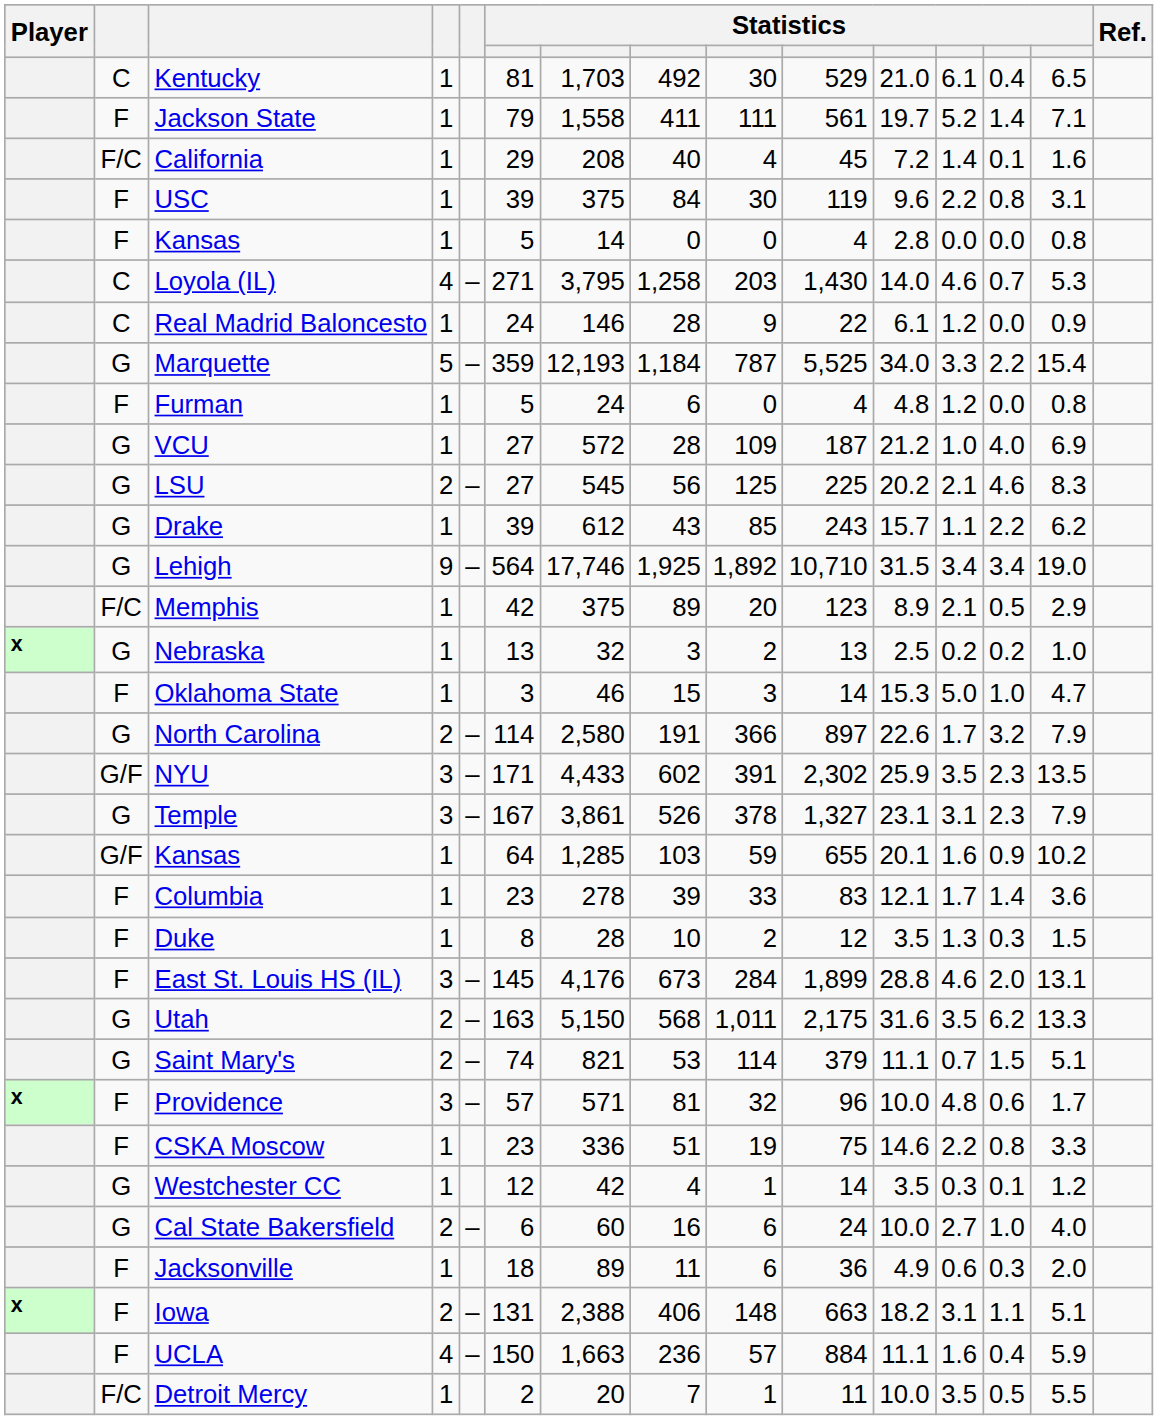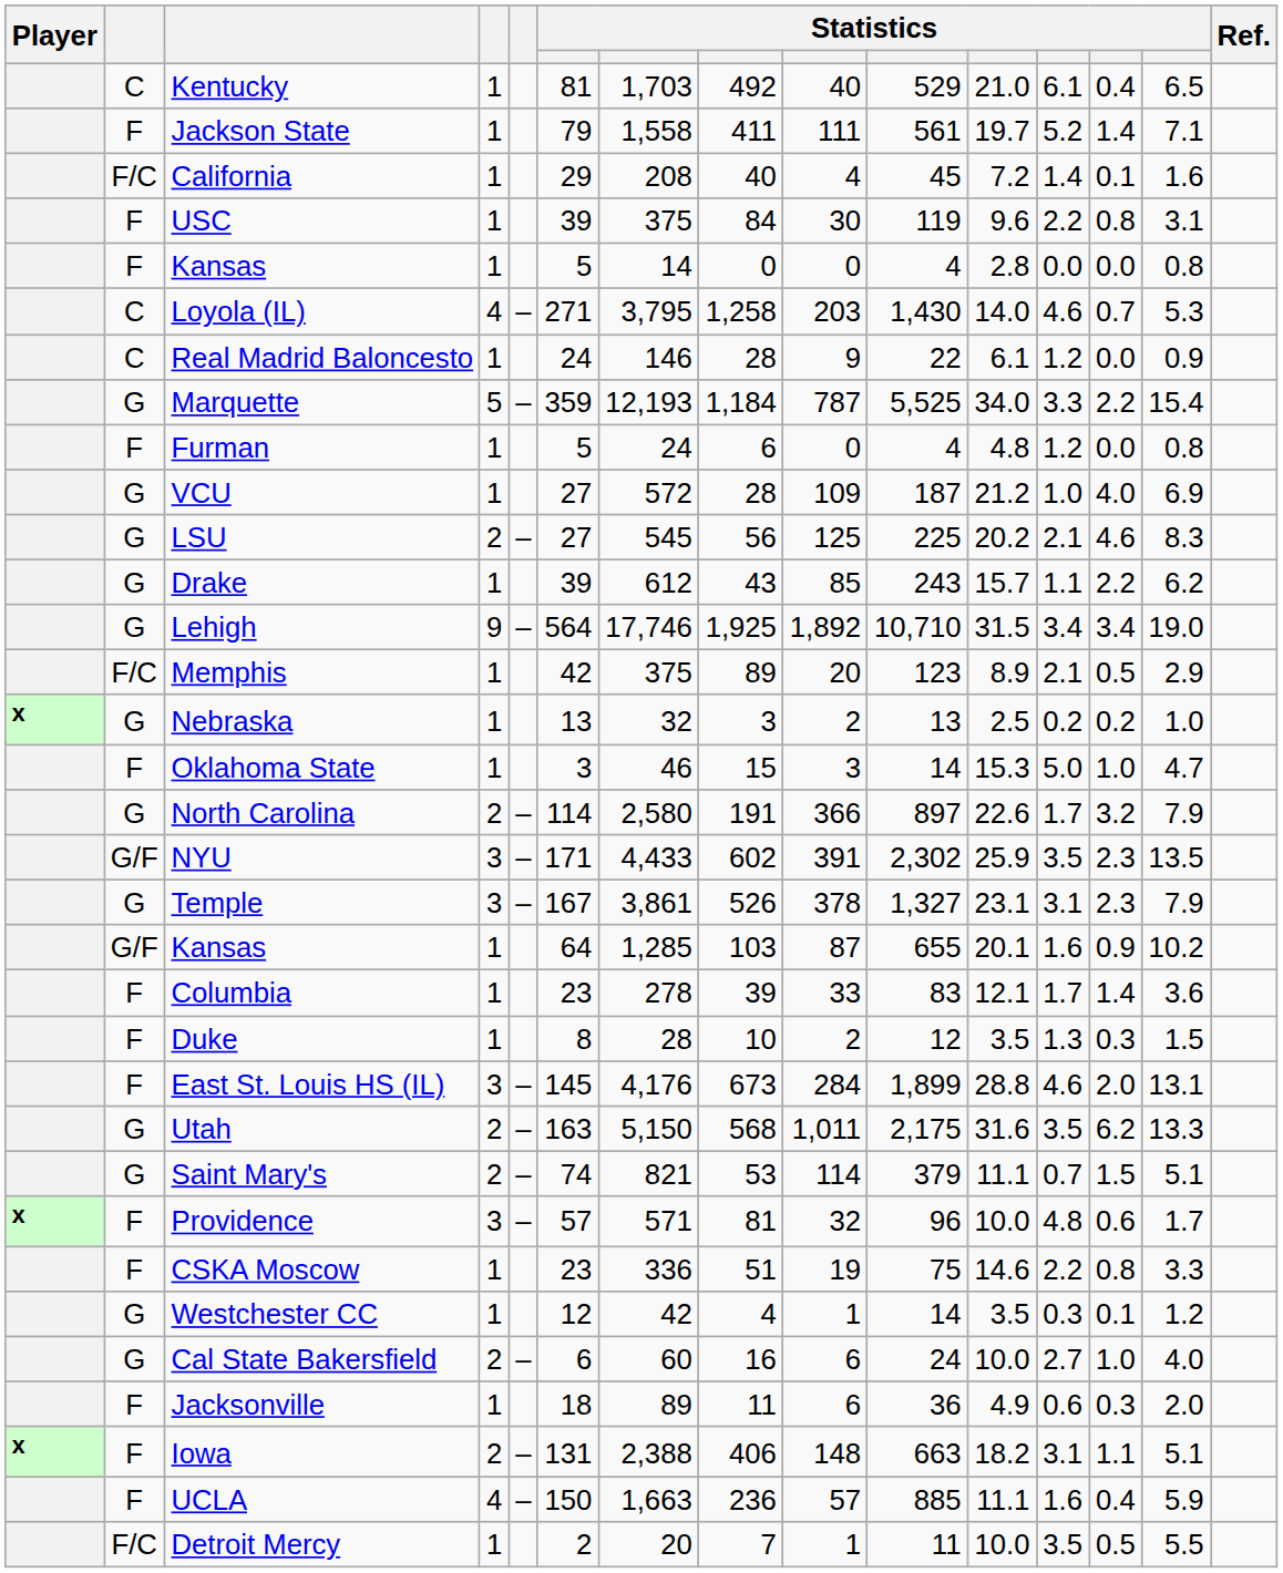 <table class="wikitable sortable" style="font-size:95%; text-align:right;">
 <tr>
 <th scope=col rowspan="2">Player</th>
 <th scope=col rowspan="2"></th>
 <th scope=col rowspan="2"></th>
 <th scope=col rowspan="2"></th>
 <th scope=col rowspan="2"></th>
 <th scope=colgroup colspan="9">Statistics</th>
 <th scope=col rowspan="2">Ref.</th>
 </tr>
 <tr>
 <th scope=col></th>
 <th scope=col></th>
 <th scope=col></th>
 <th scope=col></th>
 <th scope=col></th>
 <th scope=col></th>
 <th scope=col></th>
 <th scope=col></th>
 <th scope=col></th>
 </tr>
 <tr>
 <th scope=row style="text-align:left;"></th>
 <td align="center">C</td>
 <td align="left"><a href='#'>Kentucky</a></td>
 <td align="center">1</td>
 <td align="center"></td>
 <td>81</td>
 <td>1,703</td>
 <td>492</td>
-<td>30</td>
+<td>40</td>
 <td>529</td>
 <td>21.0</td>
 <td>6.1</td>
 <td>0.4</td>
 <td>6.5</td>
 <td align=center></td>
 </tr>
 <tr>
 <th scope=row style="text-align:left;"></th>
 <td align="center">F</td>
 <td align="left"><a href='#'>Jackson State</a></td>
 <td align="center">1</td>
 <td align="center"></td>
 <td>79</td>
 <td>1,558</td>
 <td>411</td>
 <td>111</td>
 <td>561</td>
 <td>19.7</td>
 <td>5.2</td>
 <td>1.4</td>
 <td>7.1</td>
 <td align=center></td>
 </tr>
 <tr>
 <th scope=row style="text-align:left;"></th>
 <td align="center">F/C</td>
 <td align="left"><a href='#'>California</a></td>
 <td align="center">1</td>
 <td align="center"></td>
 <td>29</td>
 <td>208</td>
 <td>40</td>
 <td>4</td>
 <td>45</td>
 <td>7.2</td>
 <td>1.4</td>
 <td>0.1</td>
 <td>1.6</td>
 <td align=center></td>
 </tr>
 <tr>
 <th scope=row style="text-align:left;"></th>
 <td align="center">F</td>
 <td align="left"><a href='#'>USC</a></td>
 <td align="center">1</td>
 <td align="center"></td>
 <td>39</td>
 <td>375</td>
 <td>84</td>
 <td>30</td>
 <td>119</td>
 <td>9.6</td>
 <td>2.2</td>
 <td>0.8</td>
 <td>3.1</td>
 <td align=center></td>
 </tr>
 <tr>
 <th scope=row style="text-align:left;"></th>
 <td align="center">F</td>
 <td align="left"><a href='#'>Kansas</a></td>
 <td align="center">1</td>
 <td align="center"></td>
 <td>5</td>
 <td>14</td>
 <td>0</td>
 <td>0</td>
 <td>4</td>
 <td>2.8</td>
 <td>0.0</td>
 <td>0.0</td>
 <td>0.8</td>
 <td align=center></td>
 </tr>
 <tr>
 <th scope=row style="text-align:left;"></th>
 <td align="center">C</td>
 <td align="left"><a href='#'>Loyola (IL)</a></td>
 <td align="center">4</td>
 <td align="center">–</td>
 <td>271</td>
 <td>3,795</td>
 <td>1,258</td>
 <td>203</td>
 <td>1,430</td>
 <td>14.0</td>
 <td>4.6</td>
 <td>0.7</td>
 <td>5.3</td>
 <td align=center></td>
 </tr>
 <tr>
 <th scope=row style="text-align:left;"></th>
 <td align="center">C</td>
 <td align="left"> <a href='#'>Real Madrid Baloncesto</a></td>
 <td align="center">1</td>
 <td align="center"></td>
 <td>24</td>
 <td>146</td>
 <td>28</td>
 <td>9</td>
 <td>22</td>
 <td>6.1</td>
 <td>1.2</td>
 <td>0.0</td>
 <td>0.9</td>
 <td align=center></td>
 </tr>
 <tr>
 <th scope=row style="text-align:left;"></th>
 <td align="center">G</td>
 <td align="left"><a href='#'>Marquette</a></td>
 <td align="center">5</td>
 <td align="center">–</td>
 <td>359</td>
 <td>12,193</td>
 <td>1,184</td>
 <td>787</td>
 <td>5,525</td>
 <td>34.0</td>
 <td>3.3</td>
 <td>2.2</td>
 <td>15.4</td>
 <td align=center></td>
 </tr>
 <tr>
 <th scope=row style="text-align:left;"></th>
 <td align="center">F</td>
 <td align="left"><a href='#'>Furman</a></td>
 <td align="center">1</td>
 <td align="center"></td>
 <td>5</td>
 <td>24</td>
 <td>6</td>
 <td>0</td>
 <td>4</td>
 <td>4.8</td>
 <td>1.2</td>
 <td>0.0</td>
 <td>0.8</td>
 <td align=center></td>
 </tr>
 <tr>
 <th scope=row style="text-align:left;"></th>
 <td align="center">G</td>
 <td align="left"><a href='#'>VCU</a></td>
 <td align="center">1</td>
 <td align="center"></td>
 <td>27</td>
 <td>572</td>
 <td>28</td>
 <td>109</td>
 <td>187</td>
 <td>21.2</td>
 <td>1.0</td>
 <td>4.0</td>
 <td>6.9</td>
 <td align=center></td>
 </tr>
 <tr>
 <th scope=row style="text-align:left;"></th>
 <td align="center">G</td>
 <td align="left"><a href='#'>LSU</a></td>
 <td align="center">2</td>
 <td align="center">–</td>
 <td>27</td>
 <td>545</td>
 <td>56</td>
 <td>125</td>
 <td>225</td>
 <td>20.2</td>
 <td>2.1</td>
 <td>4.6</td>
 <td>8.3</td>
 <td align=center></td>
 </tr>
 <tr>
 <th scope=row style="text-align:left;"></th>
 <td align="center">G</td>
 <td align="left"><a href='#'>Drake</a></td>
 <td align="center">1</td>
 <td align="center"></td>
 <td>39</td>
 <td>612</td>
 <td>43</td>
 <td>85</td>
 <td>243</td>
 <td>15.7</td>
 <td>1.1</td>
 <td>2.2</td>
 <td>6.2</td>
 <td align=center></td>
 </tr>
 <tr>
 <th scope=row style="text-align:left;"></th>
 <td align="center">G</td>
 <td align="left"><a href='#'>Lehigh</a></td>
 <td align="center">9</td>
 <td align="center">–</td>
 <td>564</td>
 <td>17,746</td>
 <td>1,925</td>
 <td>1,892</td>
 <td>10,710</td>
 <td>31.5</td>
 <td>3.4</td>
 <td>3.4</td>
 <td>19.0</td>
 <td align=center></td>
 </tr>
 <tr>
 <th scope=row style="text-align:left;"></th>
 <td align="center">F/C</td>
 <td align="left"><a href='#'>Memphis</a></td>
 <td align="center">1</td>
 <td align="center"></td>
 <td>42</td>
 <td>375</td>
 <td>89</td>
 <td>20</td>
 <td>123</td>
 <td>8.9</td>
 <td>2.1</td>
 <td>0.5</td>
 <td>2.9</td>
 <td align=center></td>
 </tr>
 <tr>
 <th scope=row style="text-align:left; background-color:#CCFFCC;"><sup>x</sup></th>
 <td align="center">G</td>
 <td align="left"><a href='#'>Nebraska</a></td>
 <td align="center">1</td>
 <td align="center"></td>
 <td>13</td>
 <td>32</td>
 <td>3</td>
 <td>2</td>
 <td>13</td>
 <td>2.5</td>
 <td>0.2</td>
 <td>0.2</td>
 <td>1.0</td>
 <td align=center></td>
 </tr>
 <tr>
 <th scope=row style="text-align:left;"></th>
 <td align="center">F</td>
 <td align="left"><a href='#'>Oklahoma State</a></td>
 <td align="center">1</td>
 <td align="center"></td>
 <td>3</td>
 <td>46</td>
 <td>15</td>
 <td>3</td>
 <td>14</td>
 <td>15.3</td>
 <td>5.0</td>
 <td>1.0</td>
 <td>4.7</td>
 <td align=center></td>
 </tr>
 <tr>
 <th scope=row style="text-align:left;"></th>
 <td align="center">G</td>
 <td align="left"><a href='#'>North Carolina</a></td>
 <td align="center">2</td>
 <td align="center">–</td>
 <td>114</td>
 <td>2,580</td>
 <td>191</td>
 <td>366</td>
 <td>897</td>
 <td>22.6</td>
 <td>1.7</td>
 <td>3.2</td>
 <td>7.9</td>
 <td align=center></td>
 </tr>
 <tr>
 <th scope=row style="text-align:left;"></th>
 <td align="center">G/F</td>
 <td align="left"><a href='#'>NYU</a></td>
 <td align="center">3</td>
 <td align="center">–</td>
 <td>171</td>
 <td>4,433</td>
 <td>602</td>
 <td>391</td>
 <td>2,302</td>
 <td>25.9</td>
 <td>3.5</td>
 <td>2.3</td>
 <td>13.5</td>
 <td align=center></td>
 </tr>
 <tr>
 <th scope=row style="text-align:left;"></th>
 <td align="center">G</td>
 <td align="left"><a href='#'>Temple</a></td>
 <td align="center">3</td>
 <td align="center">–</td>
 <td>167</td>
 <td>3,861</td>
 <td>526</td>
 <td>378</td>
 <td>1,327</td>
 <td>23.1</td>
 <td>3.1</td>
 <td>2.3</td>
 <td>7.9</td>
 <td align=center></td>
 </tr>
 <tr>
 <th scope=row style="text-align:left;"></th>
 <td align="center">G/F</td>
 <td align="left"><a href='#'>Kansas</a></td>
 <td align="center">1</td>
 <td align="center"></td>
 <td>64</td>
 <td>1,285</td>
 <td>103</td>
-<td>59</td>
+<td>87</td>
 <td>655</td>
 <td>20.1</td>
 <td>1.6</td>
 <td>0.9</td>
 <td>10.2</td>
 <td align=center></td>
 </tr>
 <tr>
 <th scope=row style="text-align:left;"></th>
 <td align="center">F</td>
 <td align="left"><a href='#'>Columbia</a></td>
 <td align="center">1</td>
 <td align="center"></td>
 <td>23</td>
 <td>278</td>
 <td>39</td>
 <td>33</td>
 <td>83</td>
 <td>12.1</td>
 <td>1.7</td>
 <td>1.4</td>
 <td>3.6</td>
 <td align=center></td>
 </tr>
 <tr>
 <th scope=row style="text-align:left;"></th>
 <td align="center">F</td>
 <td align="left"><a href='#'>Duke</a></td>
 <td align="center">1</td>
 <td align="center"></td>
 <td>8</td>
 <td>28</td>
 <td>10</td>
 <td>2</td>
 <td>12</td>
 <td>3.5</td>
 <td>1.3</td>
 <td>0.3</td>
 <td>1.5</td>
 <td align=center></td>
 </tr>
 <tr>
 <th scope=row style="text-align:left;"></th>
 <td align="center">F</td>
 <td align="left"><a href='#'>East St. Louis HS (IL)</a></td>
 <td align="center">3</td>
 <td align="center">–</td>
 <td>145</td>
 <td>4,176</td>
 <td>673</td>
 <td>284</td>
 <td>1,899</td>
 <td>28.8</td>
 <td>4.6</td>
 <td>2.0</td>
 <td>13.1</td>
 <td align=center></td>
 </tr>
 <tr>
 <th scope=row style="text-align:left;"></th>
 <td align="center">G</td>
 <td align="left"><a href='#'>Utah</a></td>
 <td align="center">2</td>
 <td align="center">–</td>
 <td>163</td>
 <td>5,150</td>
 <td>568</td>
 <td>1,011</td>
 <td>2,175</td>
 <td>31.6</td>
 <td>3.5</td>
 <td>6.2</td>
 <td>13.3</td>
 <td align=center></td>
 </tr>
 <tr>
 <th scope=row style="text-align:left;"></th>
 <td align="center">G</td>
 <td align="left"><a href='#'>Saint Mary's</a></td>
 <td align="center">2</td>
 <td align="center">–</td>
 <td>74</td>
 <td>821</td>
 <td>53</td>
 <td>114</td>
 <td>379</td>
 <td>11.1</td>
 <td>0.7</td>
 <td>1.5</td>
 <td>5.1</td>
 <td align=center></td>
 </tr>
 <tr>
 <th scope=row style="text-align:left; background-color:#CCFFCC;"><sup>x</sup></th>
 <td align="center">F</td>
 <td align="left"><a href='#'>Providence</a></td>
 <td align="center">3</td>
 <td align="center">–</td>
 <td>57</td>
 <td>571</td>
 <td>81</td>
 <td>32</td>
 <td>96</td>
 <td>10.0</td>
 <td>4.8</td>
 <td>0.6</td>
 <td>1.7</td>
 <td align=center></td>
 </tr>
 <tr>
 <th scope=row style="text-align:left;"></th>
 <td align="center">F</td>
 <td align="left"> <a href='#'>CSKA Moscow</a></td>
 <td align="center">1</td>
 <td align="center"></td>
 <td>23</td>
 <td>336</td>
 <td>51</td>
 <td>19</td>
 <td>75</td>
 <td>14.6</td>
 <td>2.2</td>
 <td>0.8</td>
 <td>3.3</td>
 <td align=center></td>
 </tr>
 <tr>
 <th scope=row style="text-align:left;"></th>
 <td align="center">G</td>
 <td align="left"><a href='#'>Westchester CC</a></td>
 <td align="center">1</td>
 <td align="center"></td>
 <td>12</td>
 <td>42</td>
 <td>4</td>
 <td>1</td>
 <td>14</td>
 <td>3.5</td>
 <td>0.3</td>
 <td>0.1</td>
 <td>1.2</td>
 <td align=center></td>
 </tr>
 <tr>
 <th scope=row style="text-align:left;"></th>
 <td align="center">G</td>
 <td align="left"><a href='#'>Cal State Bakersfield</a></td>
 <td align="center">2</td>
 <td align="center">–</td>
 <td>6</td>
 <td>60</td>
 <td>16</td>
 <td>6</td>
 <td>24</td>
 <td>10.0</td>
 <td>2.7</td>
 <td>1.0</td>
 <td>4.0</td>
 <td align=center></td>
 </tr>
 <tr>
 <th scope=row style="text-align:left;"></th>
 <td align="center">F</td>
 <td align="left"><a href='#'>Jacksonville</a></td>
 <td align="center">1</td>
 <td align="center"></td>
 <td>18</td>
 <td>89</td>
 <td>11</td>
 <td>6</td>
 <td>36</td>
 <td>4.9</td>
 <td>0.6</td>
 <td>0.3</td>
 <td>2.0</td>
 <td align=center></td>
 </tr>
 <tr>
 <th scope=row style="text-align:left; background-color:#CCFFCC;"><sup>x</sup></th>
 <td align="center">F</td>
 <td align="left"><a href='#'>Iowa</a></td>
 <td align="center">2</td>
 <td align="center">–</td>
 <td>131</td>
 <td>2,388</td>
 <td>406</td>
 <td>148</td>
 <td>663</td>
 <td>18.2</td>
 <td>3.1</td>
 <td>1.1</td>
 <td>5.1</td>
 <td align=center></td>
 </tr>
 <tr>
 <th scope=row style="text-align:left;"></th>
 <td align="center">F</td>
 <td align="left"><a href='#'>UCLA</a></td>
 <td align="center">4</td>
 <td align="center">–<br></td>
 <td>150</td>
 <td>1,663</td>
 <td>236</td>
 <td>57</td>
-<td>884</td>
+<td>885</td>
 <td>11.1</td>
 <td>1.6</td>
 <td>0.4</td>
 <td>5.9</td>
 <td align=center></td>
 </tr>
 <tr>
 <th scope=row style="text-align:left;"></th>
 <td align="center">F/C</td>
 <td align="left"><a href='#'>Detroit Mercy</a></td>
 <td align="center">1</td>
 <td align="center"></td>
 <td>2</td>
 <td>20</td>
 <td>7</td>
 <td>1</td>
 <td>11</td>
 <td>10.0</td>
 <td>3.5</td>
 <td>0.5</td>
 <td>5.5</td>
 <td align=center></td>
 </tr>
 </table>
